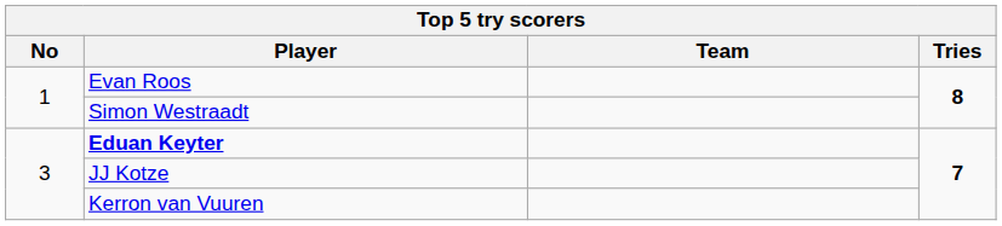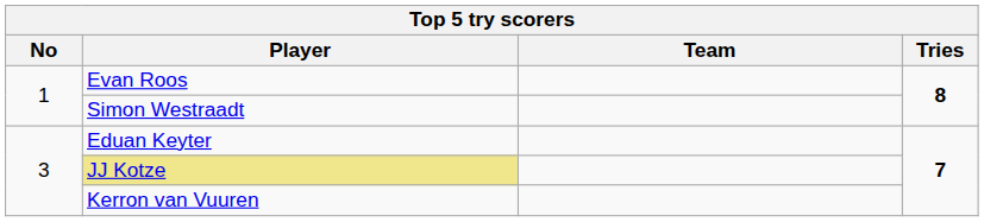 <table class="wikitable collapsible sortable" style="text-align:center; line-height:100%; font-size:100%; width:60%;">
 <tr>
 <th colspan=8>Top 5 try scorers </th>
 </tr>
 <tr>
 <th style="width:6%;">No</th>
 <th style="width:34%;">Player</th>
 <th style="width:30%;">Team</th>
 <th style="width:6%;">Tries<br></th>
 </tr>
 <tr>
 <td rowspan="2">1</td>
 <td style="text-align:left;"><a href='#'>Evan Roos</a></td>
 <td style="text-align:left;"></td>
 <td rowspan="2"><strong>8</strong></td>
 </tr>
 <tr>
 <td style="text-align:left;"><a href='#'>Simon Westraadt</a></td>
 <td style="text-align:left;"></td>
 </tr>
 <tr>
 <td rowspan="3">3</td>
-<td style="text-align:left;"><strong><a href='#'>Eduan Keyter</a></strong></td>
+<td style="text-align:left;"><a href='#'>Eduan Keyter</a></td>
 <td style="text-align:left;"></td>
 <td rowspan="3"><strong>7</strong></td>
 </tr>
 <tr>
-<td style="text-align:left;"><a href='#'>JJ Kotze</a></td>
+<td style="background: khaki; text-align:left;"><a href='#'>JJ Kotze</a></td>
 <td style="text-align:left;"></td>
 </tr>
 <tr>
 <td style="text-align:left;"><a href='#'>Kerron van Vuuren</a></td>
 <td style="text-align:left;"></td>
 </tr>
 </table>
